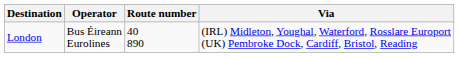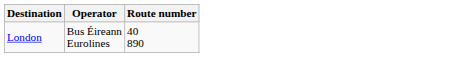 <table class="wikitable">
 <tr style="background:lightgrey;">
 <th>Destination</th>
 <th>Operator</th>
 <th>Route number</th>
-<th>Via</th>
 </tr>
 <tr>
 <td><a href='#'>London</a></td>
 <td>Bus Éireann<br>Eurolines</td>
 <td>40<br>890</td>
-<td>(IRL) <a href='#'>Midleton</a>, <a href='#'>Youghal</a>, <a href='#'>Waterford</a>, <a href='#'>Rosslare Europort</a><br>(UK) <a href='#'>Pembroke Dock</a>, <a href='#'>Cardiff</a>, <a href='#'>Bristol</a>, <a href='#'>Reading</a></td>
 </tr>
 </table>
